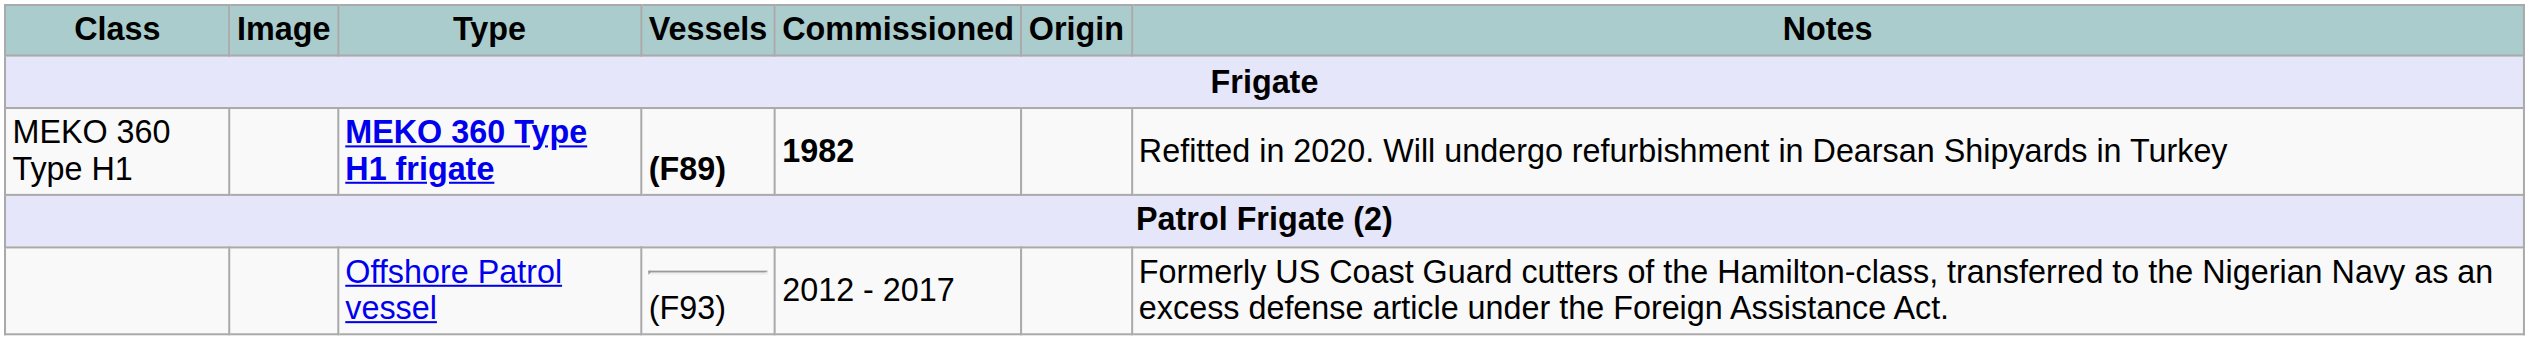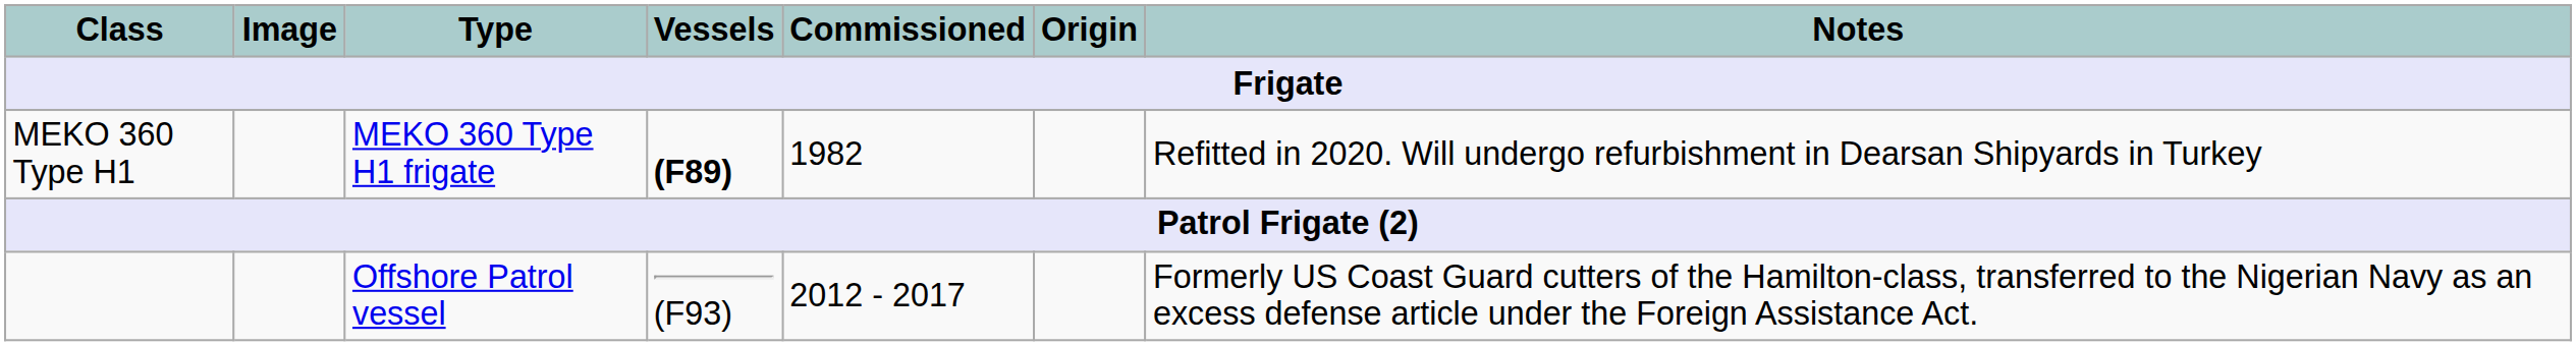 <table class="wikitable">
 <tr>
 <th style="text-align: center; background:#acc">Class</th>
 <th style="text-align: center; background:#acc">Image</th>
 <th style="text-align: center; background:#acc">Type</th>
 <th style="text-align: center; background:#acc">Vessels</th>
 <th style="text-align: center; background:#acc">Commissioned</th>
 <th style="text-align: center; background:#acc">Origin</th>
 <th style="text-align: center; background:#acc">Notes</th>
 </tr>
 <tr>
 <th colspan="7" style="background: lavender;">Frigate</th>
 </tr>
 <tr>
 <td>MEKO 360 Type H1</td>
 <td></td>
-<td><strong><a href='#'>MEKO 360 Type H1 frigate</a></strong></td>
+<td><a href='#'>MEKO 360 Type H1 frigate</a></td>
 <td><strong><br> (F89)</strong></td>
-<td><strong>1982</strong></td>
+<td>1982</td>
 <td></td>
 <td>Refitted in 2020. Will undergo refurbishment in Dearsan Shipyards in Turkey</td>
 </tr>
 <tr>
 <th colspan="7" style="background: lavender;">Patrol Frigate (2)</th>
 </tr>
 <tr>
 <td></td>
 <td></td>
 <td><a href='#'>Offshore Patrol vessel</a></td>
 <td> <hr>  (F93)</td>
 <td>2012 - 2017</td>
 <td></td>
 <td>Formerly US Coast Guard cutters of the Hamilton-class, transferred to the Nigerian Navy as an excess defense article under the Foreign Assistance Act.</td>
 </tr>
 </table>
